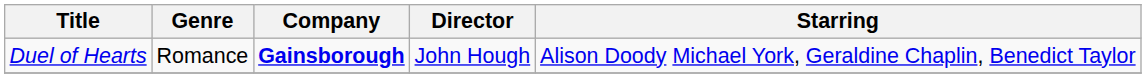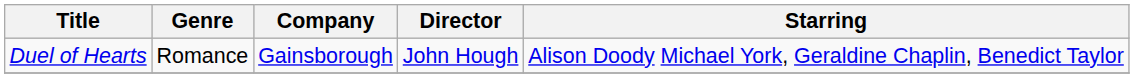 <table class="wikitable unsortable">
 <tr>
 <th>Title</th>
 <th>Genre</th>
 <th>Company</th>
 <th>Director</th>
 <th>Starring</th>
 </tr>
 <tr>
 <td><em><a href='#'>Duel of Hearts</a></em></td>
 <td>Romance</td>
-<td><strong><a href='#'>Gainsborough</a></strong></td>
+<td><a href='#'>Gainsborough</a></td>
 <td><a href='#'>John Hough</a></td>
 <td><a href='#'>Alison Doody</a> <a href='#'>Michael York</a>, <a href='#'>Geraldine Chaplin</a>, <a href='#'>Benedict Taylor</a></td>
 </tr>
 <tr>
 </tr>
 </table>
